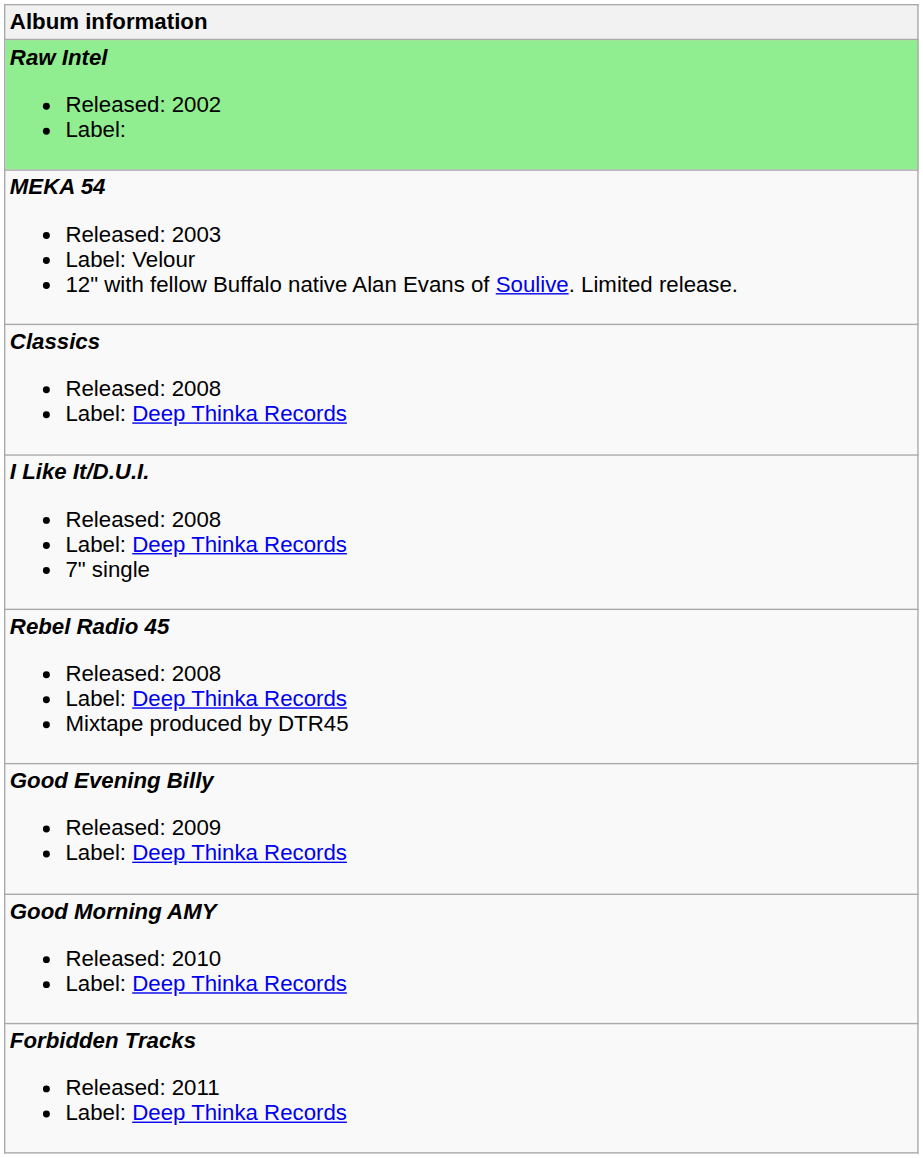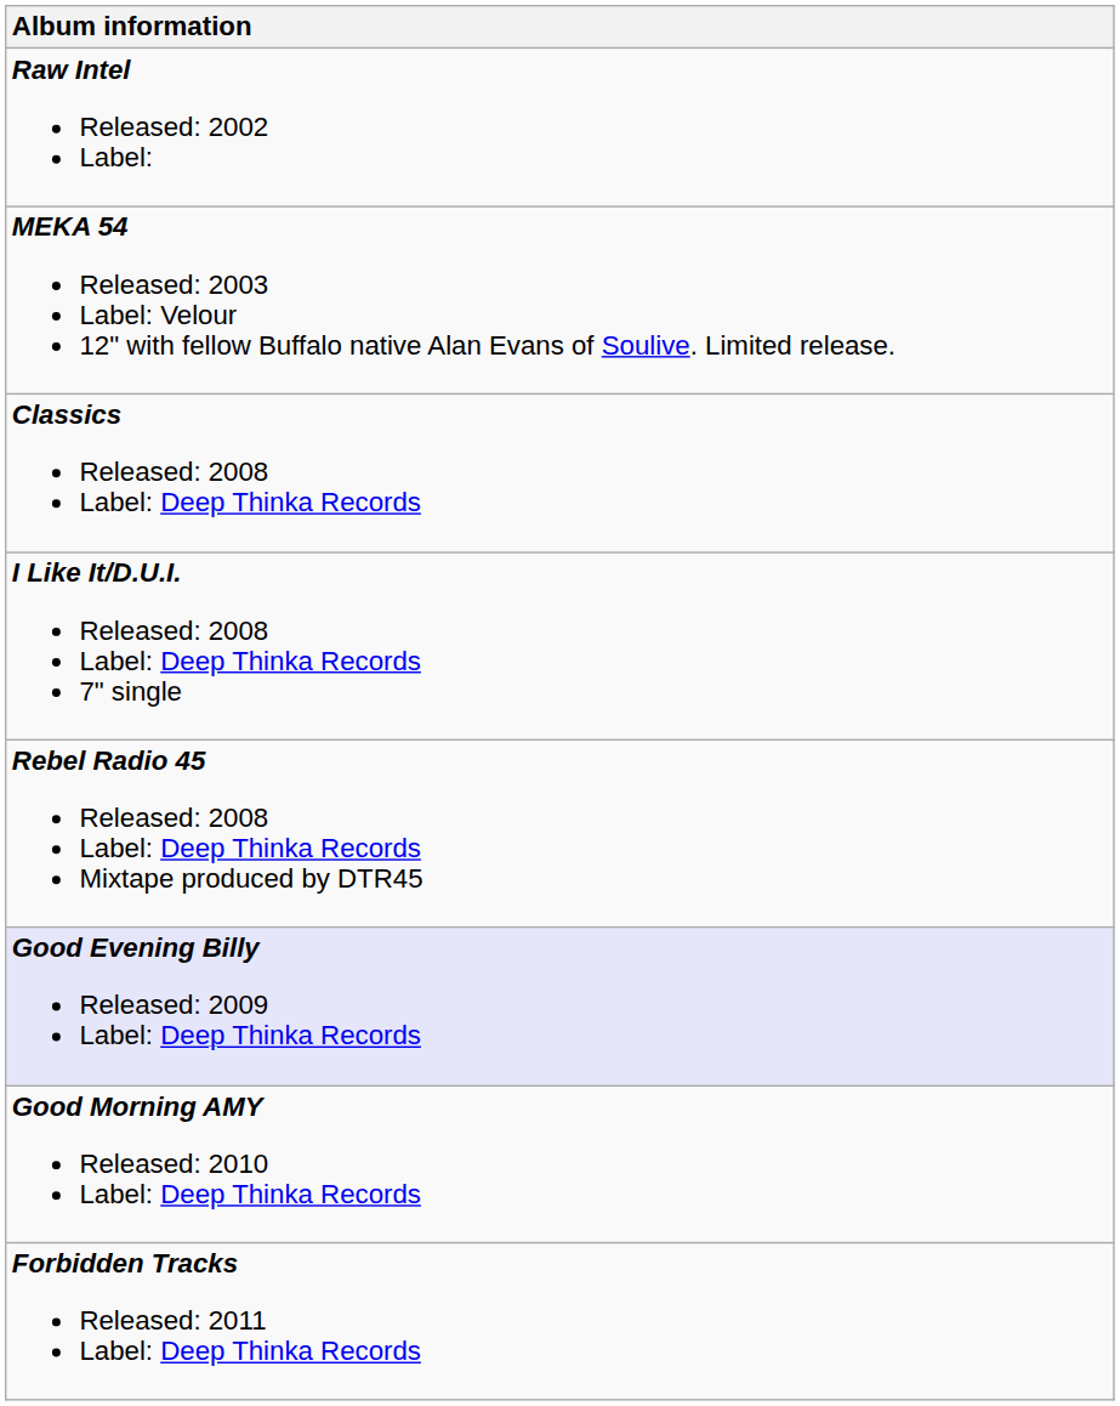 <table class="wikitable">
 <tr>
 <th style="text-align:left; width:650px;">Album information</th>
 </tr>
 <tr>
-<td align="left" style="background: lightgreen;"><strong><em>Raw Intel</em></strong><br><ul><li>Released: 2002</li><li>Label:</li></ul></td>
+<td align="left"><strong><em>Raw Intel</em></strong><br><ul><li>Released: 2002</li><li>Label:</li></ul></td>
 </tr>
 <tr>
 <td align="left"><strong><em>MEKA 54</em></strong><br><ul><li>Released: 2003</li><li>Label: Velour</li><li>12" with fellow Buffalo native Alan Evans of <a href='#'>Soulive</a>. Limited release.</li></ul></td>
 </tr>
 <tr>
 <td align="left"><strong><em>Classics</em></strong><br><ul><li>Released: 2008</li><li>Label: <a href='#'>Deep Thinka Records</a></li></ul></td>
 </tr>
 <tr>
 <td align="left"><strong><em>I Like It/D.U.I.</em></strong><br><ul><li>Released: 2008</li><li>Label: <a href='#'>Deep Thinka Records</a></li><li>7" single</li></ul></td>
 </tr>
 <tr>
 <td align="left"><strong><em>Rebel Radio 45</em></strong><br><ul><li>Released: 2008</li><li>Label: <a href='#'>Deep Thinka Records</a></li><li>Mixtape produced by DTR45</li></ul></td>
 </tr>
 <tr>
-<td align="left"><strong><em>Good Evening Billy</em></strong><br><ul><li>Released: 2009</li><li>Label: <a href='#'>Deep Thinka Records</a></li></ul></td>
+<td align="left" style="background: lavender;"><strong><em>Good Evening Billy</em></strong><br><ul><li>Released: 2009</li><li>Label: <a href='#'>Deep Thinka Records</a></li></ul></td>
 </tr>
 <tr>
 <td align="left"><strong><em>Good Morning AMY</em></strong><br><ul><li>Released: 2010</li><li>Label: <a href='#'>Deep Thinka Records</a></li></ul></td>
 </tr>
 <tr>
 <td align="left"><strong><em>Forbidden Tracks</em></strong><br><ul><li>Released: 2011</li><li>Label: <a href='#'>Deep Thinka Records</a></li></ul></td>
 </tr>
 </table>
